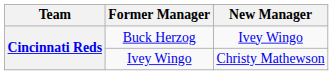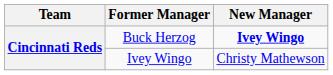 <table class="wikitable plainrowheaders" style="text-align:center;">
 <tr>
 <th>Team</th>
 <th>Former Manager</th>
 <th>New Manager</th>
 </tr>
 <tr>
 <th rowspan="2" scope="row" style="text-align:center;"><a href='#'>Cincinnati Reds</a></th>
 <td><a href='#'>Buck Herzog</a></td>
-<td><a href='#'>Ivey Wingo</a></td>
+<td><strong><a href='#'>Ivey Wingo</a></strong></td>
 </tr>
 <tr>
 <td><a href='#'>Ivey Wingo</a></td>
 <td><a href='#'>Christy Mathewson</a></td>
 </tr>
 </table>
